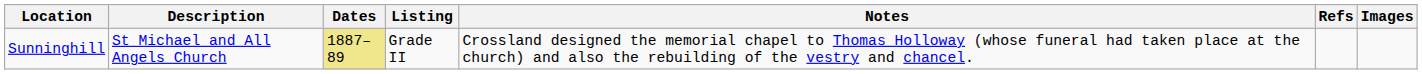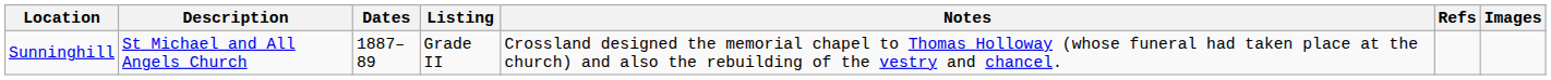 <table class="wikitable sortable">
 <tr>
 <th>Location</th>
 <th>Description</th>
 <th>Dates</th>
 <th>Listing</th>
 <th>Notes</th>
 <th>Refs</th>
 <th>Images</th>
 </tr>
 <tr>
 <td><a href='#'>Sunninghill</a></td>
 <td><a href='#'>St Michael and All Angels Church</a></td>
-<td style="background: khaki;">1887–89</td>
+<td>1887–89</td>
 <td>Grade II</td>
 <td>Crossland designed the memorial chapel to <a href='#'>Thomas Holloway</a> (whose funeral had taken place at the church) and also the rebuilding of the <a href='#'>vestry</a> and <a href='#'>chancel</a>.</td>
 <td></td>
 <td></td>
 </tr>
 </table>
